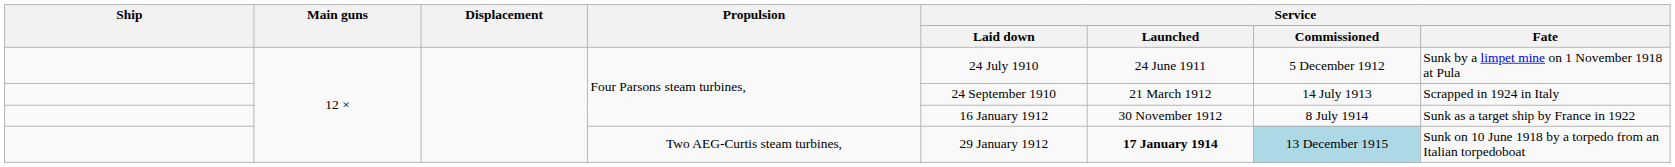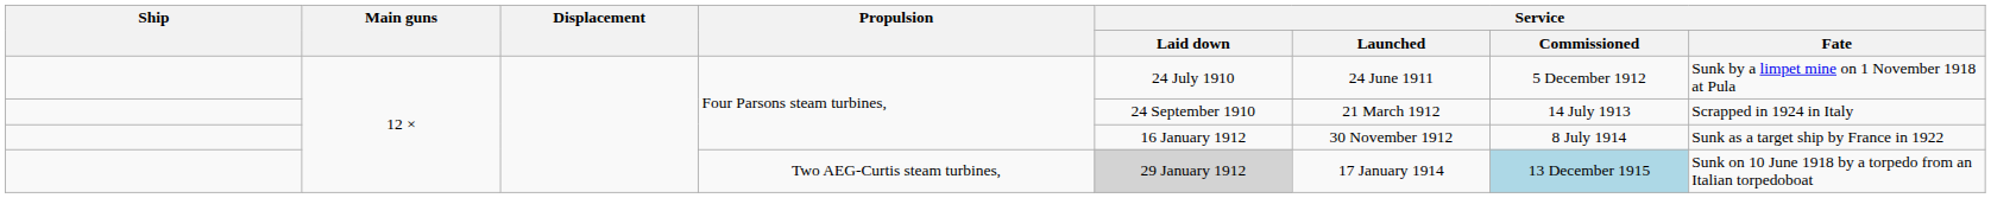 <table class="wikitable" style="width: 100%;">
 <tr valign="top">
 <th width="15%" align="center" rowspan="2">Ship</th>
 <th width="10%" align="center" rowspan="2">Main guns</th>
 <th width="10%" align="center" rowspan="2">Displacement</th>
 <th width="20%" align="center" rowspan="2">Propulsion</th>
 <th width="40%" align="center" colspan="4">Service</th>
 </tr>
 <tr valign="top">
 <th width="10%" align="center">Laid down</th>
 <th width="10%" align="center">Launched</th>
 <th width="10%" align="center">Commissioned</th>
 <th width="20%" align="center">Fate</th>
 </tr>
 <tr valign="center">
 <td align="left"></td>
 <td align="center" rowspan="4">12 × </td>
 <td align="center" rowspan="4"></td>
 <td align="left" rowspan="3">Four Parsons steam turbines, </td>
 <td align="center">24 July 1910</td>
 <td align="center">24 June 1911</td>
 <td align="center">5 December 1912</td>
 <td align="left">Sunk by a <a href='#'>limpet mine</a> on 1 November 1918 at Pula</td>
 </tr>
 <tr valign="center">
 <td align="left"></td>
 <td align="center">24 September 1910</td>
 <td align="center">21 March 1912</td>
 <td align="center">14 July 1913</td>
 <td align="left">Scrapped in 1924 in Italy</td>
 </tr>
 <tr valign="center">
 <td align="left"></td>
 <td align="center">16 January 1912</td>
 <td align="center">30 November 1912</td>
 <td align="center">8 July 1914</td>
 <td align="left">Sunk as a target ship by France in 1922</td>
 </tr>
 <tr valign="center">
 <td align="left"></td>
 <td align="center">Two AEG-Curtis steam turbines, </td>
-<td align="center">29 January 1912</td>
-<td align="center"><strong>17 January 1914</strong></td>
+<td align="center" style="background: lightgrey;">29 January 1912</td>
+<td align="center">17 January 1914</td>
 <td align="center" style="background: lightblue;">13 December 1915</td>
 <td align="left">Sunk on 10 June 1918 by a torpedo from an Italian torpedoboat</td>
 </tr>
 </table>
